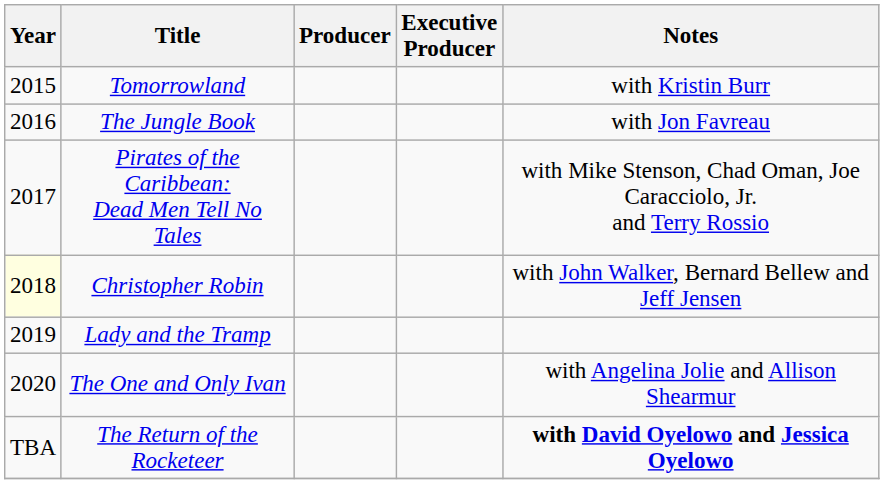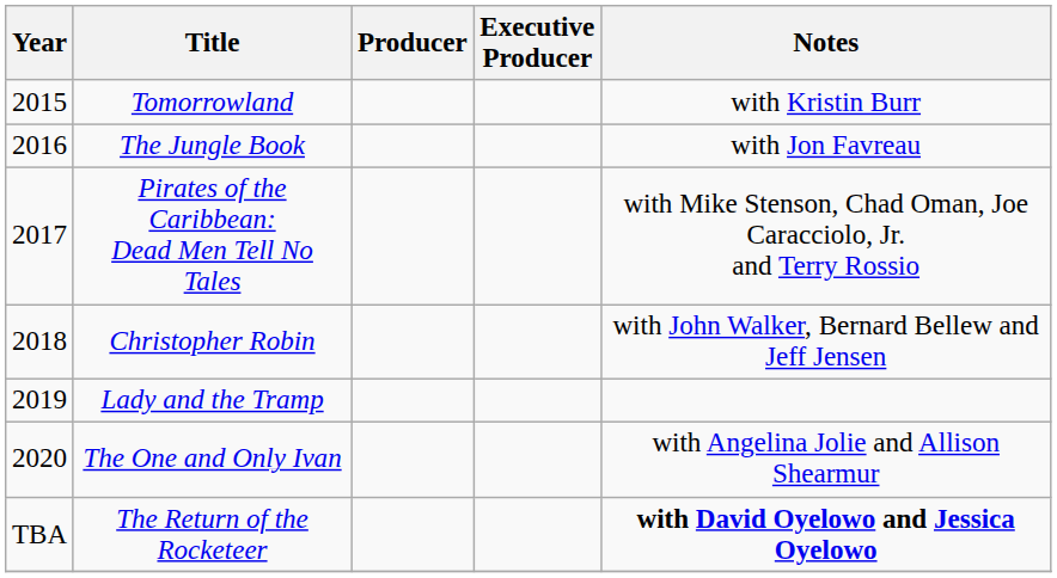 <table class="wikitable sortable" style="text-align:center">
 <tr>
 <th>Year</th>
 <th>Title</th>
 <th>Producer</th>
 <th>Executive<br>Producer</th>
 <th>Notes</th>
 </tr>
 <tr>
 <td>2015</td>
 <td><em><a href='#'>Tomorrowland</a></em></td>
 <td></td>
 <td></td>
 <td>with <a href='#'>Kristin Burr</a></td>
 </tr>
 <tr>
 <td>2016</td>
 <td><em><a href='#'>The Jungle Book</a></em></td>
 <td></td>
 <td></td>
 <td>with <a href='#'>Jon Favreau</a></td>
 </tr>
 <tr>
 <td>2017</td>
 <td><em><a href='#'>Pirates of the Caribbean:<br>Dead Men Tell No Tales</a></em></td>
 <td></td>
 <td></td>
 <td>with Mike Stenson, Chad Oman, Joe Caracciolo, Jr.<br>and <a href='#'>Terry Rossio</a></td>
 </tr>
 <tr>
-<td style="background: lightyellow;">2018</td>
+<td>2018</td>
 <td><em><a href='#'>Christopher Robin</a></em></td>
 <td></td>
 <td></td>
 <td>with <a href='#'>John Walker</a>, Bernard Bellew and <a href='#'>Jeff Jensen</a></td>
 </tr>
 <tr>
 <td>2019</td>
 <td><em><a href='#'>Lady and the Tramp</a></em></td>
 <td></td>
 <td></td>
 <td> </td>
 </tr>
 <tr>
 <td>2020</td>
 <td><em><a href='#'>The One and Only Ivan</a></em></td>
 <td></td>
 <td></td>
 <td>with <a href='#'>Angelina Jolie</a> and <a href='#'>Allison Shearmur</a></td>
 </tr>
 <tr>
 <td>TBA</td>
 <td><em><a href='#'>The Return of the Rocketeer</a></em></td>
 <td></td>
 <td></td>
 <td><strong>with <a href='#'>David Oyelowo</a> and <a href='#'>Jessica Oyelowo</a></strong></td>
 </tr>
 <tr>
 </tr>
 </table>
